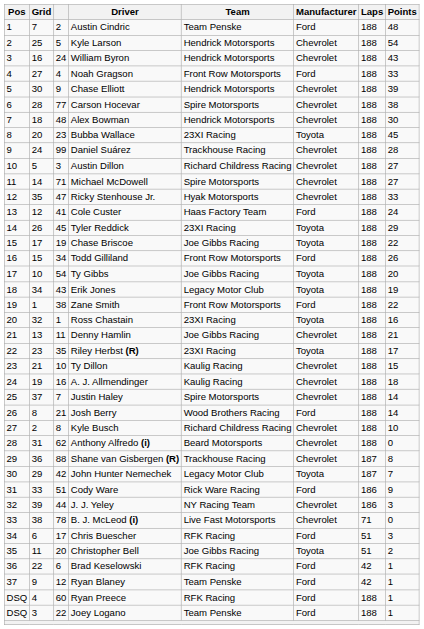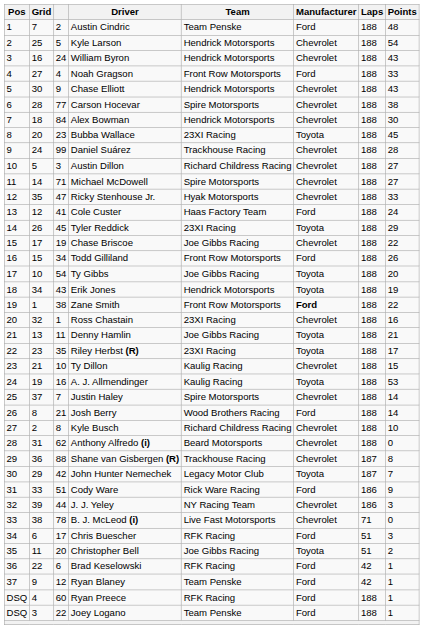 <table class="wikitable" style="font-size:98%">
 <tr>
 <th>Pos</th>
 <th>Grid</th>
 <th></th>
 <th>Driver</th>
 <th>Team</th>
 <th>Manufacturer</th>
 <th>Laps</th>
 <th>Points</th>
 </tr>
 <tr>
 <td>1</td>
 <td>7</td>
 <td>2</td>
 <td>Austin Cindric</td>
 <td>Team Penske</td>
 <td>Ford</td>
 <td>188</td>
 <td>48</td>
 </tr>
 <tr>
 <td>2</td>
 <td>25</td>
 <td>5</td>
 <td>Kyle Larson</td>
 <td>Hendrick Motorsports</td>
 <td>Chevrolet</td>
 <td>188</td>
 <td>54</td>
 </tr>
 <tr>
 <td>3</td>
 <td>16</td>
 <td>24</td>
 <td>William Byron</td>
 <td>Hendrick Motorsports</td>
 <td>Chevrolet</td>
 <td>188</td>
 <td>43</td>
 </tr>
 <tr>
 <td>4</td>
 <td>27</td>
 <td>4</td>
 <td>Noah Gragson</td>
 <td>Front Row Motorsports</td>
 <td>Ford</td>
 <td>188</td>
 <td>33</td>
 </tr>
 <tr>
 <td>5</td>
 <td>30</td>
 <td>9</td>
 <td>Chase Elliott</td>
 <td>Hendrick Motorsports</td>
 <td>Chevrolet</td>
 <td>188</td>
-<td>39</td>
+<td>43</td>
 </tr>
 <tr>
 <td>6</td>
 <td>28</td>
 <td>77</td>
 <td>Carson Hocevar</td>
 <td>Spire Motorsports</td>
 <td>Chevrolet</td>
 <td>188</td>
 <td>38</td>
 </tr>
 <tr>
 <td>7</td>
 <td>18</td>
-<td>48</td>
+<td>84</td>
 <td>Alex Bowman</td>
 <td>Hendrick Motorsports</td>
 <td>Chevrolet</td>
 <td>188</td>
 <td>30</td>
 </tr>
 <tr>
 <td>8</td>
 <td>20</td>
 <td>23</td>
 <td>Bubba Wallace</td>
 <td>23XI Racing</td>
 <td>Toyota</td>
 <td>188</td>
 <td>45</td>
 </tr>
 <tr>
 <td>9</td>
 <td>24</td>
 <td>99</td>
 <td>Daniel Suárez</td>
 <td>Trackhouse Racing</td>
 <td>Chevrolet</td>
 <td>188</td>
 <td>28</td>
 </tr>
 <tr>
 <td>10</td>
 <td>5</td>
 <td>3</td>
 <td>Austin Dillon</td>
 <td>Richard Childress Racing</td>
 <td>Chevrolet</td>
 <td>188</td>
 <td>27</td>
 </tr>
 <tr>
 <td>11</td>
 <td>14</td>
 <td>71</td>
 <td>Michael McDowell</td>
 <td>Spire Motorsports</td>
 <td>Chevrolet</td>
 <td>188</td>
 <td>27</td>
 </tr>
 <tr>
 <td>12</td>
 <td>35</td>
 <td>47</td>
 <td>Ricky Stenhouse Jr.</td>
 <td>Hyak Motorsports</td>
 <td>Chevrolet</td>
 <td>188</td>
 <td>33</td>
 </tr>
 <tr>
 <td>13</td>
 <td>12</td>
 <td>41</td>
 <td>Cole Custer</td>
 <td>Haas Factory Team</td>
 <td>Ford</td>
 <td>188</td>
 <td>24</td>
 </tr>
 <tr>
 <td>14</td>
 <td>26</td>
 <td>45</td>
 <td>Tyler Reddick</td>
 <td>23XI Racing</td>
 <td>Toyota</td>
 <td>188</td>
 <td>29</td>
 </tr>
 <tr>
 <td>15</td>
 <td>17</td>
 <td>19</td>
 <td>Chase Briscoe</td>
 <td>Joe Gibbs Racing</td>
-<td>Toyota</td>
+<td>Chevrolet</td>
 <td>188</td>
 <td>22</td>
 </tr>
 <tr>
 <td>16</td>
 <td>15</td>
 <td>34</td>
 <td>Todd Gilliland</td>
 <td>Front Row Motorsports</td>
 <td>Ford</td>
 <td>188</td>
 <td>26</td>
 </tr>
 <tr>
 <td>17</td>
 <td>10</td>
 <td>54</td>
 <td>Ty Gibbs</td>
 <td>Joe Gibbs Racing</td>
 <td>Toyota</td>
 <td>188</td>
 <td>20</td>
 </tr>
 <tr>
 <td>18</td>
 <td>34</td>
 <td>43</td>
 <td>Erik Jones</td>
-<td>Legacy Motor Club</td>
+<td>Hendrick Motorsports</td>
 <td>Toyota</td>
 <td>188</td>
 <td>19</td>
 </tr>
 <tr>
 <td>19</td>
 <td>1</td>
 <td>38</td>
 <td>Zane Smith</td>
 <td>Front Row Motorsports</td>
-<td>Ford</td>
+<td><strong>Ford</strong></td>
 <td>188</td>
 <td>22</td>
 </tr>
 <tr>
 <td>20</td>
 <td>32</td>
 <td>1</td>
 <td>Ross Chastain</td>
 <td>23XI Racing</td>
-<td>Toyota</td>
+<td>Chevrolet</td>
 <td>188</td>
 <td>16</td>
 </tr>
 <tr>
 <td>21</td>
 <td>13</td>
 <td>11</td>
 <td>Denny Hamlin</td>
 <td>Joe Gibbs Racing</td>
-<td>Chevrolet</td>
+<td>Toyota</td>
 <td>188</td>
 <td>21</td>
 </tr>
 <tr>
 <td>22</td>
 <td>23</td>
 <td>35</td>
 <td>Riley Herbst <strong>(R)</strong></td>
 <td>23XI Racing</td>
 <td>Toyota</td>
 <td>188</td>
 <td>17</td>
 </tr>
 <tr>
 <td>23</td>
 <td>21</td>
 <td>10</td>
 <td>Ty Dillon</td>
 <td>Kaulig Racing</td>
 <td>Chevrolet</td>
 <td>188</td>
 <td>15</td>
 </tr>
 <tr>
 <td>24</td>
 <td>19</td>
 <td>16</td>
 <td>A. J. Allmendinger</td>
 <td>Kaulig Racing</td>
-<td>Chevrolet</td>
+<td>Toyota</td>
 <td>188</td>
-<td>18</td>
+<td>53</td>
 </tr>
 <tr>
 <td>25</td>
 <td>37</td>
 <td>7</td>
 <td>Justin Haley</td>
 <td>Spire Motorsports</td>
 <td>Chevrolet</td>
 <td>188</td>
 <td>14</td>
 </tr>
 <tr>
 <td>26</td>
 <td>8</td>
 <td>21</td>
 <td>Josh Berry</td>
 <td>Wood Brothers Racing</td>
 <td>Ford</td>
 <td>188</td>
 <td>14</td>
 </tr>
 <tr>
 <td>27</td>
 <td>2</td>
 <td>8</td>
 <td>Kyle Busch</td>
 <td>Richard Childress Racing</td>
 <td>Chevrolet</td>
 <td>188</td>
 <td>10</td>
 </tr>
 <tr>
 <td>28</td>
 <td>31</td>
 <td>62</td>
 <td>Anthony Alfredo <strong>(i)</strong></td>
 <td>Beard Motorsports</td>
 <td>Chevrolet</td>
 <td>188</td>
 <td>0</td>
 </tr>
 <tr>
 <td>29</td>
 <td>36</td>
 <td>88</td>
 <td>Shane van Gisbergen <strong>(R)</strong></td>
 <td>Trackhouse Racing</td>
 <td>Chevrolet</td>
 <td>187</td>
 <td>8</td>
 </tr>
 <tr>
 <td>30</td>
 <td>29</td>
 <td>42</td>
 <td>John Hunter Nemechek</td>
 <td>Legacy Motor Club</td>
 <td>Toyota</td>
 <td>187</td>
 <td>7</td>
 </tr>
 <tr>
 <td>31</td>
 <td>33</td>
 <td>51</td>
 <td>Cody Ware</td>
 <td>Rick Ware Racing</td>
 <td>Ford</td>
 <td>186</td>
 <td>9</td>
 </tr>
 <tr>
 <td>32</td>
 <td>39</td>
 <td>44</td>
 <td>J. J. Yeley</td>
 <td>NY Racing Team</td>
 <td>Chevrolet</td>
 <td>186</td>
 <td>3</td>
 </tr>
 <tr>
 <td>33</td>
 <td>38</td>
 <td>78</td>
 <td>B. J. McLeod <strong>(i)</strong></td>
 <td>Live Fast Motorsports</td>
 <td>Chevrolet</td>
 <td>71</td>
 <td>0</td>
 </tr>
 <tr>
 <td>34</td>
 <td>6</td>
 <td>17</td>
 <td>Chris Buescher</td>
 <td>RFK Racing</td>
 <td>Ford</td>
 <td>51</td>
 <td>3</td>
 </tr>
 <tr>
 <td>35</td>
 <td>11</td>
 <td>20</td>
 <td>Christopher Bell</td>
 <td>Joe Gibbs Racing</td>
 <td>Toyota</td>
 <td>51</td>
 <td>2</td>
 </tr>
 <tr>
 <td>36</td>
 <td>22</td>
 <td>6</td>
 <td>Brad Keselowski</td>
 <td>RFK Racing</td>
 <td>Ford</td>
 <td>42</td>
 <td>1</td>
 </tr>
 <tr>
 <td>37</td>
 <td>9</td>
 <td>12</td>
 <td>Ryan Blaney</td>
 <td>Team Penske</td>
 <td>Ford</td>
 <td>42</td>
 <td>1</td>
 </tr>
 <tr>
 <td>DSQ</td>
 <td>4</td>
 <td>60</td>
 <td>Ryan Preece</td>
 <td>RFK Racing</td>
 <td>Ford</td>
 <td>188</td>
 <td>1</td>
 </tr>
 <tr>
 <td>DSQ</td>
 <td>3</td>
 <td>22</td>
 <td>Joey Logano</td>
 <td>Team Penske</td>
 <td>Ford</td>
 <td>188</td>
 <td>1</td>
 </tr>
 <tr>
 <th colspan="8"></th>
 </tr>
 </table>
